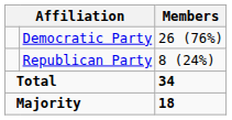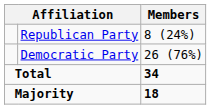 <table class="wikitable">
 <tr>
 <th colspan="2">Affiliation</th>
 <th>Members</th>
 </tr>
 <tr>
 <td style="background-color:"> </td>
-<td><a href='#'>Democratic Party</a></td>
-<td>26 (76%)</td>
+<td><a href='#'>Republican Party</a></td>
+<td>8 (24%)</td>
 </tr>
 <tr>
 <td style="background-color:"> </td>
-<td><a href='#'>Republican Party</a></td>
-<td>8 (24%)</td>
+<td><a href='#'>Democratic Party</a></td>
+<td>26 (76%)</td>
 </tr>
 <tr>
 <td colspan="2" rowspan="1"> <strong>Total</strong><br></td>
 <td><strong>34</strong></td>
 </tr>
 <tr>
 <td colspan="2" rowspan="1"> <strong>Majority</strong><br></td>
 <td><strong>18</strong></td>
 </tr>
 </table>
